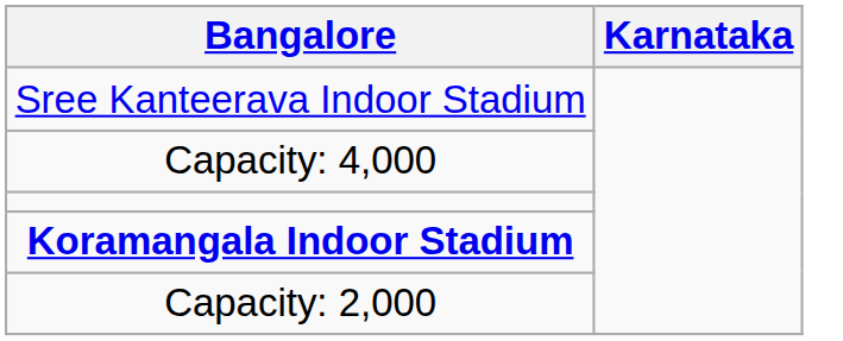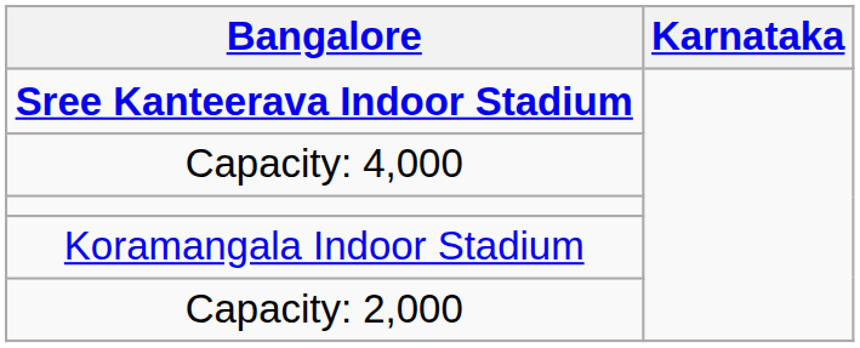 <table class="wikitable" style="text-align:center">
 <tr>
 <th><a href='#'>Bangalore</a></th>
 <th><a href='#'>Karnataka</a></th>
 </tr>
 <tr>
-<td><a href='#'>Sree Kanteerava Indoor Stadium</a></td>
+<td><strong><a href='#'>Sree Kanteerava Indoor Stadium</a></strong></td>
 <td rowspan=6></td>
 </tr>
 <tr>
 <td>Capacity: 4,000</td>
 </tr>
 <tr>
 <td></td>
 </tr>
 <tr>
-<td><strong><a href='#'>Koramangala Indoor Stadium</a></strong></td>
+<td><a href='#'>Koramangala Indoor Stadium</a></td>
 </tr>
 <tr>
 <td>Capacity: 2,000</td>
 </tr>
 </table>
